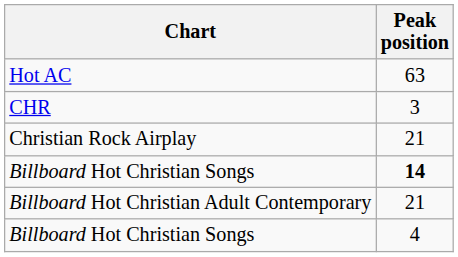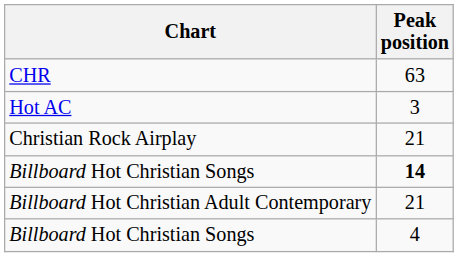 <table class="wikitable">
 <tr>
 <th>Chart</th>
 <th>Peak<br>position</th>
 </tr>
 <tr>
-<td><a href='#'>Hot AC</a></td>
+<td><a href='#'>CHR</a></td>
 <td align="center">63</td>
 </tr>
 <tr>
-<td><a href='#'>CHR</a></td>
+<td><a href='#'>Hot AC</a></td>
 <td align="center">3</td>
 </tr>
 <tr>
 <td>Christian Rock Airplay</td>
 <td align="center">21</td>
 </tr>
 <tr>
 <td><em>Billboard</em> Hot Christian Songs</td>
 <td align="center"><strong>14</strong></td>
 </tr>
 <tr>
 <td><em>Billboard</em> Hot Christian Adult Contemporary</td>
 <td align="center">21</td>
 </tr>
 <tr>
 <td><em>Billboard</em> Hot Christian Songs</td>
 <td align="center">4</td>
 </tr>
 </table>
